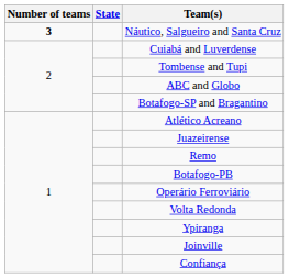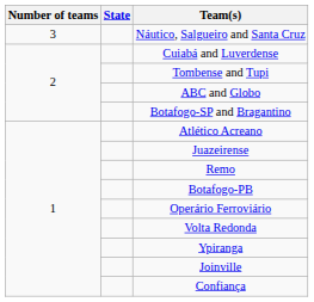 <table class="wikitable" style="text-align:center">
 <tr>
 <th>Number of teams</th>
 <th><a href='#'>State</a></th>
 <th>Team(s)</th>
 </tr>
 <tr>
-<td rowspan=1><strong>3</strong></td>
+<td rowspan=1>3</td>
 <td align="left"></td>
 <td><a href='#'>Náutico</a>, <a href='#'>Salgueiro</a> and <a href='#'>Santa Cruz</a></td>
 </tr>
 <tr>
 <td rowspan=4>2</td>
 <td align="left"></td>
 <td><a href='#'>Cuiabá</a> and <a href='#'>Luverdense</a></td>
 </tr>
 <tr>
 <td align="left"></td>
 <td><a href='#'>Tombense</a> and <a href='#'>Tupi</a></td>
 </tr>
 <tr>
 <td align="left"></td>
 <td><a href='#'>ABC</a> and <a href='#'>Globo</a></td>
 </tr>
 <tr>
 <td align="left"></td>
 <td><a href='#'>Botafogo-SP</a> and <a href='#'>Bragantino</a></td>
 </tr>
 <tr>
 <td rowspan=9>1</td>
 <td align="left"></td>
 <td><a href='#'>Atlético Acreano</a></td>
 </tr>
 <tr>
 <td align="left"></td>
 <td><a href='#'>Juazeirense</a></td>
 </tr>
 <tr>
 <td align="left"></td>
 <td><a href='#'>Remo</a></td>
 </tr>
 <tr>
 <td align="left"></td>
 <td><a href='#'>Botafogo-PB</a></td>
 </tr>
 <tr>
 <td align="left"></td>
 <td><a href='#'>Operário Ferroviário</a></td>
 </tr>
 <tr>
 <td align="left"></td>
 <td><a href='#'>Volta Redonda</a></td>
 </tr>
 <tr>
 <td align="left"></td>
 <td><a href='#'>Ypiranga</a></td>
 </tr>
 <tr>
 <td align="left"></td>
 <td><a href='#'>Joinville</a></td>
 </tr>
 <tr>
 <td align="left"></td>
 <td><a href='#'>Confiança</a></td>
 </tr>
 </table>
